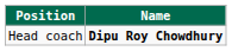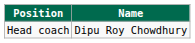 <table class="wikitable">
 <tr>
 <th style="background:#006A4E; color: white; text-align:center;">Position</th>
 <th style="background:#006A4E; color: white; text-align:center;">Name</th>
 </tr>
 <tr>
 <td>Head coach</td>
-<td><strong> Dipu Roy Chowdhury</strong></td>
+<td> Dipu Roy Chowdhury</td>
 </tr>
 </table>
